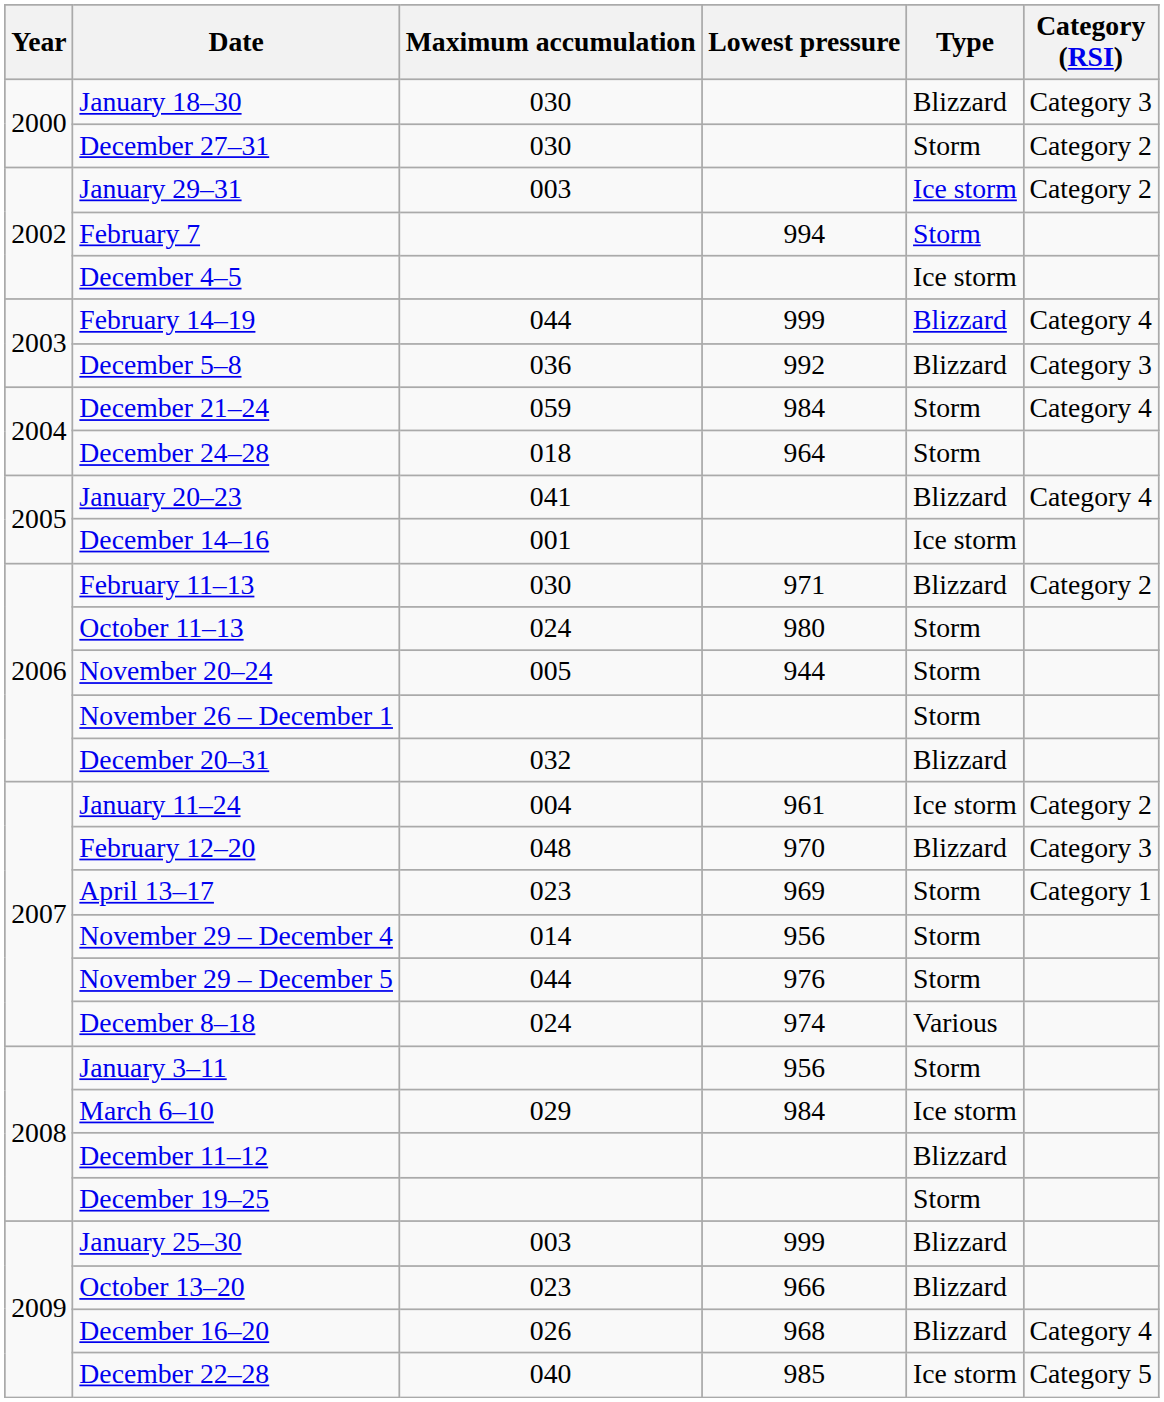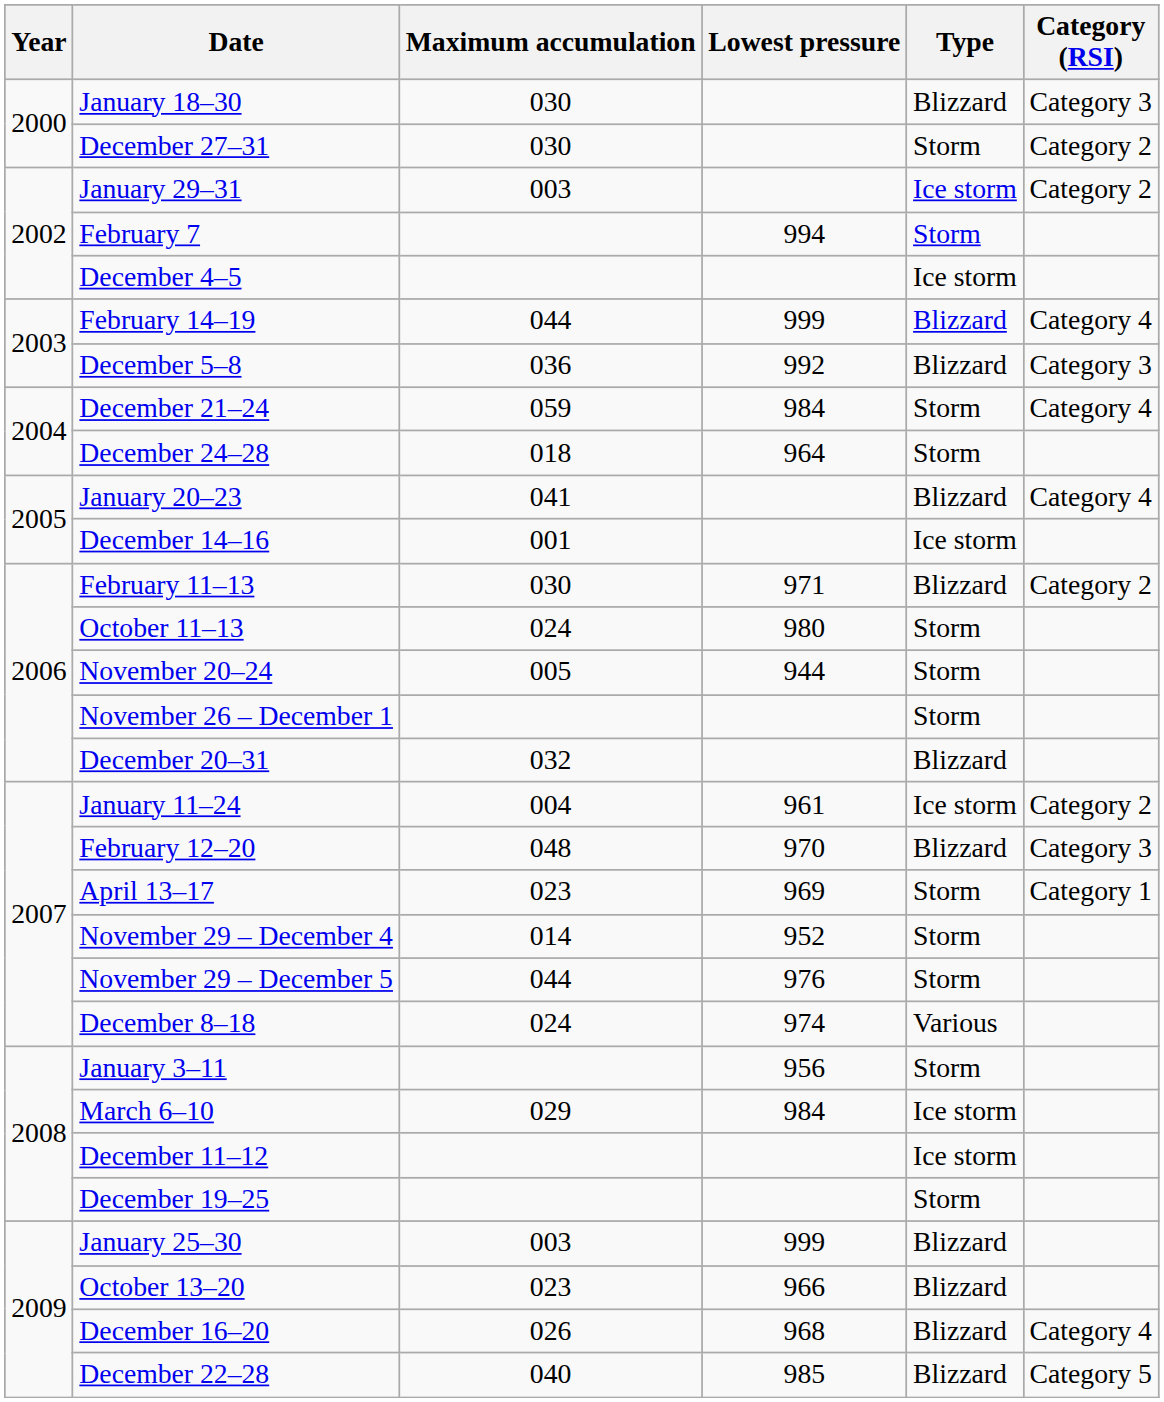 <table class="wikitable sortable">
 <tr>
 <th>Year</th>
 <th>Date</th>
 <th>Maximum accumulation</th>
 <th>Lowest pressure</th>
 <th>Type</th>
 <th>Category <br>(<a href='#'>RSI</a>)</th>
 </tr>
 <tr>
 <td rowspan="2">2000</td>
 <td><a href='#'>January 18–30</a></td>
 <td style="text-align: center;"><span>030</span> </td>
 <td></td>
 <td>Blizzard</td>
 <td style="background: #">Category 3</td>
 </tr>
 <tr>
 <td><a href='#'>December 27–31</a></td>
 <td style="text-align: center;"><span>030</span> </td>
 <td></td>
 <td>Storm</td>
 <td style="background: #">Category 2</td>
 </tr>
 <tr>
 <td rowspan="3">2002</td>
 <td><a href='#'>January 29–31</a></td>
 <td style="text-align: center;"><span>003</span> </td>
 <td></td>
 <td><a href='#'>Ice storm</a></td>
 <td style="background: #">Category 2</td>
 </tr>
 <tr>
 <td><a href='#'>February 7</a></td>
 <td></td>
 <td style="text-align: center;"><span>994</span> </td>
 <td><a href='#'>Storm</a></td>
 <td></td>
 </tr>
 <tr>
 <td><a href='#'>December 4–5</a></td>
 <td></td>
 <td></td>
 <td>Ice storm</td>
 <td></td>
 </tr>
 <tr>
 <td rowspan="2">2003</td>
 <td><a href='#'>February 14–19</a></td>
 <td style="text-align: center;"><span>044</span> </td>
 <td style="text-align: center;"><span>999</span> </td>
 <td><a href='#'>Blizzard</a></td>
 <td style="background: #">Category 4</td>
 </tr>
 <tr>
 <td><a href='#'>December 5–8</a></td>
 <td style="text-align: center;"><span>036</span> </td>
 <td style="text-align: center;"><span>992</span> </td>
 <td>Blizzard</td>
 <td style="background: #">Category 3</td>
 </tr>
 <tr>
 <td rowspan="2">2004</td>
 <td><a href='#'>December 21–24</a></td>
 <td style="text-align: center;"><span>059</span> </td>
 <td style="text-align: center;"><span>984</span> </td>
 <td>Storm</td>
 <td style="background: #">Category 4</td>
 </tr>
 <tr>
 <td><a href='#'>December 24–28</a></td>
 <td style="text-align: center;"><span>018</span> </td>
 <td style="text-align: center;"><span>964</span> </td>
 <td>Storm</td>
 <td></td>
 </tr>
 <tr>
 <td rowspan="2">2005</td>
 <td><a href='#'>January 20–23</a></td>
 <td style="text-align: center;"><span>041</span> </td>
 <td></td>
 <td>Blizzard</td>
 <td style="background: #">Category 4</td>
 </tr>
 <tr>
 <td><a href='#'>December 14–16</a></td>
 <td style="text-align: center;"><span>001</span> </td>
 <td></td>
 <td>Ice storm</td>
 <td></td>
 </tr>
 <tr>
 <td rowspan="5">2006</td>
 <td><a href='#'>February 11–13</a></td>
 <td style="text-align: center;"><span>030</span> </td>
 <td style="text-align: center;"><span>971</span> </td>
 <td>Blizzard</td>
 <td style="background: #">Category 2</td>
 </tr>
 <tr>
 <td><a href='#'>October 11–13</a></td>
 <td style="text-align: center;"><span>024</span> </td>
 <td style="text-align: center;"><span>980</span> </td>
 <td>Storm</td>
 <td></td>
 </tr>
 <tr>
 <td><a href='#'>November 20–24</a></td>
 <td style="text-align: center;"><span>005</span> </td>
 <td style="text-align: center;"><span>944</span> </td>
 <td>Storm</td>
 <td></td>
 </tr>
 <tr>
 <td><a href='#'>November 26 – December 1</a></td>
 <td></td>
 <td></td>
 <td>Storm</td>
 <td></td>
 </tr>
 <tr>
 <td><a href='#'>December 20–31</a></td>
 <td style="text-align: center;"><span>032</span> </td>
 <td></td>
 <td>Blizzard</td>
 <td></td>
 </tr>
 <tr>
 <td rowspan="6">2007</td>
 <td><a href='#'>January 11–24</a></td>
 <td style="text-align: center;"><span>004</span> </td>
 <td style="text-align: center;"><span>961</span> </td>
 <td>Ice storm</td>
 <td style="background: #">Category 2</td>
 </tr>
 <tr>
 <td><a href='#'>February 12–20</a></td>
 <td style="text-align: center;"><span>048</span> </td>
 <td style="text-align: center;"><span>970</span> </td>
 <td>Blizzard</td>
 <td style="background: #">Category 3</td>
 </tr>
 <tr>
 <td><a href='#'>April 13–17</a></td>
 <td style="text-align: center;"><span>023</span> </td>
 <td style="text-align: center;"><span>969</span> </td>
 <td>Storm</td>
 <td style="background: #">Category 1</td>
 </tr>
 <tr>
 <td><a href='#'>November 29 – December 4</a></td>
 <td style="text-align: center;"><span>014</span> </td>
-<td style="text-align: center;"><span>956</span> </td>
+<td style="text-align: center;"><span>952</span> </td>
 <td>Storm</td>
 <td></td>
 </tr>
 <tr>
 <td><a href='#'>November 29 – December 5</a></td>
 <td style="text-align: center;"><span>044</span> </td>
 <td style="text-align: center;"><span>976</span> </td>
 <td>Storm</td>
 <td></td>
 </tr>
 <tr>
 <td><a href='#'>December 8–18</a></td>
 <td style="text-align: center;"><span>024</span> </td>
 <td style="text-align: center;"><span>974</span> </td>
 <td>Various</td>
 <td></td>
 </tr>
 <tr>
 <td rowspan="4">2008</td>
 <td><a href='#'>January 3–11</a></td>
 <td></td>
 <td style="text-align: center;"><span>956</span> </td>
 <td>Storm</td>
 <td></td>
 </tr>
 <tr>
 <td><a href='#'>March 6–10</a></td>
 <td style="text-align: center;"><span>029</span> </td>
 <td style="text-align: center;"><span>984</span> </td>
 <td>Ice storm</td>
 <td></td>
 </tr>
 <tr>
 <td><a href='#'>December 11–12</a></td>
 <td></td>
 <td></td>
-<td>Blizzard</td>
+<td>Ice storm</td>
 <td></td>
 </tr>
 <tr>
 <td><a href='#'>December 19–25</a></td>
 <td></td>
 <td></td>
 <td>Storm</td>
 <td></td>
 </tr>
 <tr>
 <td rowspan="4">2009</td>
 <td><a href='#'>January 25–30</a></td>
 <td style="text-align: center;"><span>003</span> </td>
 <td style="text-align: center;"><span>999</span> </td>
 <td>Blizzard</td>
 <td></td>
 </tr>
 <tr>
 <td><a href='#'>October 13–20</a></td>
 <td style="text-align: center;"><span>023</span> </td>
 <td style="text-align: center;"><span>966</span> </td>
 <td>Blizzard</td>
 <td></td>
 </tr>
 <tr>
 <td><a href='#'>December 16–20</a></td>
 <td style="text-align: center;"><span>026</span> </td>
 <td style="text-align: center;"><span>968</span> </td>
 <td>Blizzard</td>
 <td style="background: #">Category 4</td>
 </tr>
 <tr>
 <td><a href='#'>December 22–28</a></td>
 <td style="text-align: center;"><span>040</span> </td>
 <td style="text-align: center;"><span>985</span> </td>
-<td>Ice storm</td>
+<td>Blizzard</td>
 <td style="background: #">Category 5</td>
 </tr>
 </table>
